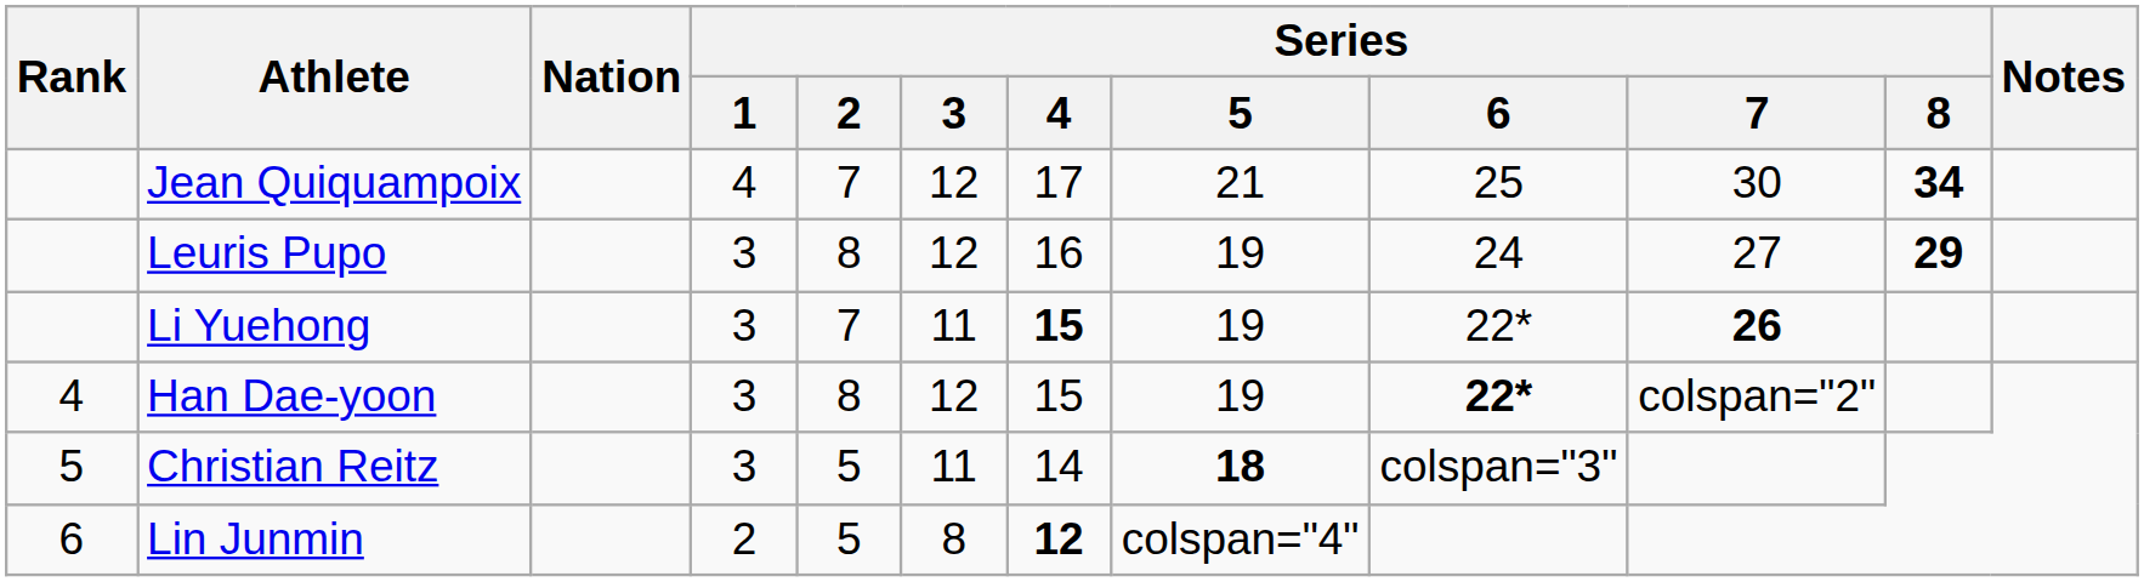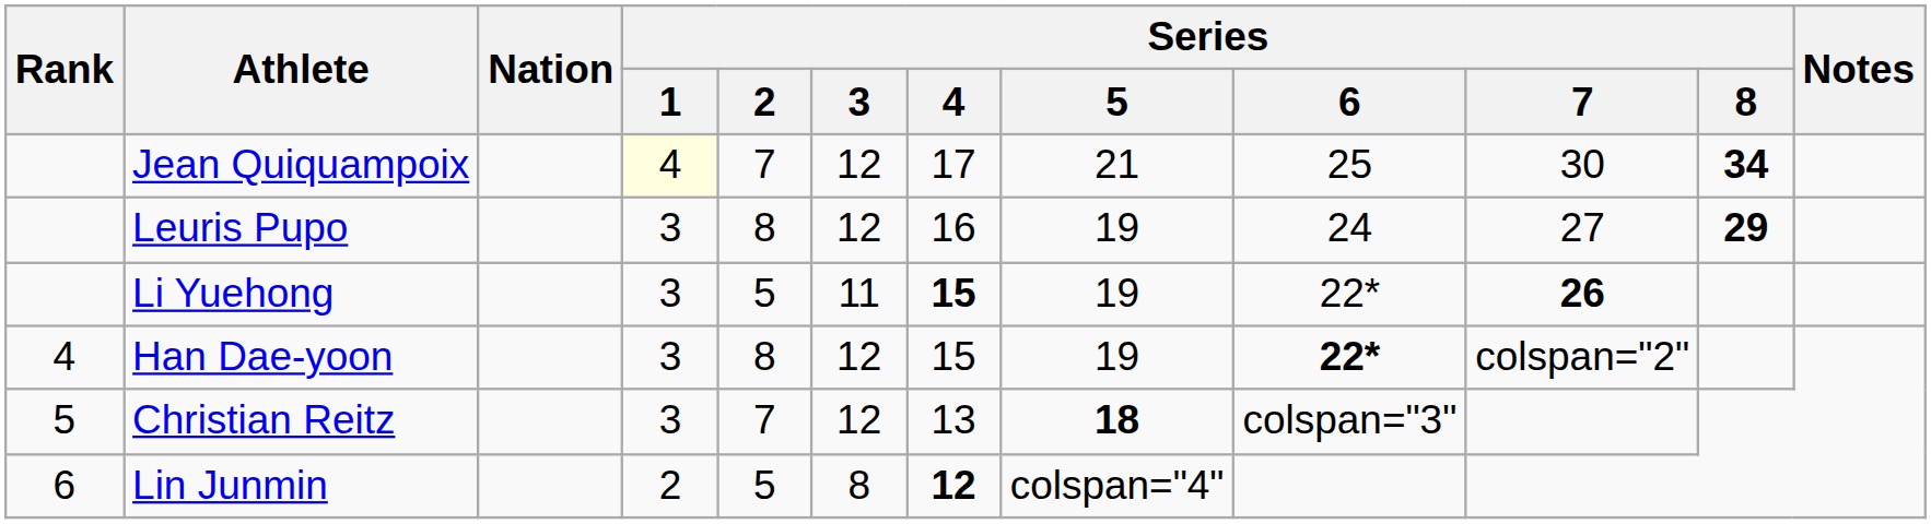 <table class="wikitable" style="text-align:center">
 <tr>
 <th rowspan="2">Rank</th>
 <th rowspan="2">Athlete</th>
 <th rowspan="2">Nation</th>
 <th colspan="8">Series</th>
 <th rowspan="2">Notes</th>
 </tr>
 <tr>
 <th width=30>1</th>
 <th width=30>2</th>
 <th width=30>3</th>
 <th width=30>4</th>
 <th width=30>5</th>
 <th width=30>6</th>
 <th width=30>7</th>
 <th width=30>8</th>
 </tr>
 <tr>
 <td></td>
 <td align="left"><a href='#'>Jean Quiquampoix</a></td>
 <td align="left"></td>
-<td>4</td>
+<td style="background: lightyellow;">4</td>
 <td>7</td>
 <td>12</td>
 <td>17</td>
 <td>21</td>
 <td>25</td>
 <td>30</td>
 <td><strong>34</strong></td>
 <td></td>
 </tr>
 <tr>
 <td></td>
 <td align="left"><a href='#'>Leuris Pupo</a></td>
 <td align="left"></td>
 <td>3</td>
 <td>8</td>
 <td>12</td>
 <td>16</td>
 <td>19</td>
 <td>24</td>
 <td>27</td>
 <td><strong>29</strong></td>
 <td></td>
 </tr>
 <tr>
 <td></td>
 <td align="left"><a href='#'>Li Yuehong</a></td>
 <td align="left"></td>
 <td>3</td>
-<td>7</td>
+<td>5</td>
 <td>11</td>
 <td><strong>15</strong></td>
 <td>19</td>
 <td>22*</td>
 <td><strong>26</strong></td>
 <td></td>
 <td></td>
 </tr>
 <tr>
 <td>4</td>
 <td align="left"><a href='#'>Han Dae-yoon</a></td>
 <td align="left"></td>
 <td>3</td>
 <td>8</td>
 <td>12</td>
 <td>15</td>
 <td>19</td>
 <td><strong>22*</strong></td>
 <td>colspan="2" </td>
 <td></td>
 </tr>
 <tr>
 <td>5</td>
 <td align="left"><a href='#'>Christian Reitz</a></td>
 <td align="left"></td>
 <td>3</td>
-<td>5</td>
-<td>11</td>
-<td>14</td>
+<td>7</td>
+<td>12</td>
+<td>13</td>
 <td><strong>18</strong></td>
 <td>colspan="3" </td>
 <td></td>
 </tr>
 <tr>
 <td>6</td>
 <td align="left"><a href='#'>Lin Junmin</a></td>
 <td align="left"></td>
 <td>2</td>
 <td>5</td>
 <td>8</td>
 <td><strong>12</strong></td>
 <td>colspan="4" </td>
 <td></td>
 </tr>
 </table>
